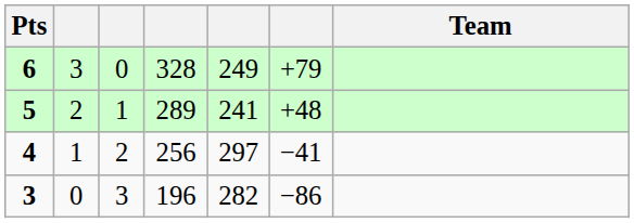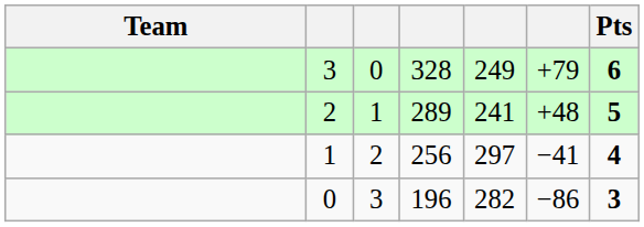 <table class="wikitable" style="text-align:center;">
 <tr>
-<th width=20>Pts</th>
+<th width=170>Team</th>
 <th width=20></th>
 <th width=20></th>
 <th width=30></th>
 <th width=30></th>
 <th width=30></th>
-<th width=170>Team</th>
+<th width=20>Pts</th>
 </tr>
 <tr bgcolor="#ccffcc">
-<td><strong>6</strong></td>
+<td align=left></td>
 <td>3</td>
 <td>0</td>
 <td>328</td>
 <td>249</td>
 <td>+79</td>
-<td align=left></td>
+<td><strong>6</strong></td>
 </tr>
 <tr bgcolor="#ccffcc">
-<td><strong>5</strong></td>
+<td align=left></td>
 <td>2</td>
 <td>1</td>
 <td>289</td>
 <td>241</td>
 <td>+48</td>
-<td align=left></td>
+<td><strong>5</strong></td>
 </tr>
 <tr>
-<td><strong>4</strong></td>
+<td align=left></td>
 <td>1</td>
 <td>2</td>
 <td>256</td>
 <td>297</td>
 <td>−41</td>
-<td align=left></td>
+<td><strong>4</strong></td>
 </tr>
 <tr>
-<td><strong>3</strong></td>
+<td align=left></td>
 <td>0</td>
 <td>3</td>
 <td>196</td>
 <td>282</td>
 <td>−86</td>
-<td align=left></td>
+<td><strong>3</strong></td>
 </tr>
 </table>
